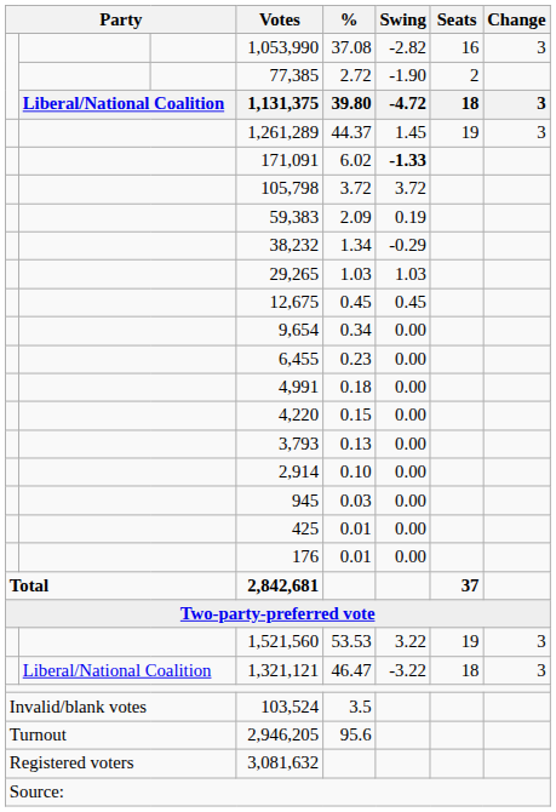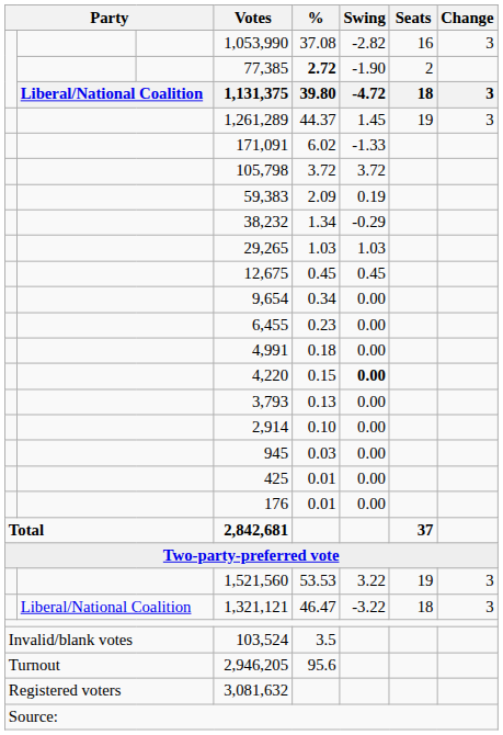 <table class="wikitable">
 <tr>
 <th colspan="3" style="width:200px"><strong>Party</strong></th>
 <th style="width:70px; text-align:center;"><strong>Votes</strong></th>
 <th style="width:40px; text-align:center;"><strong>%</strong></th>
 <th style="width:40px; text-align:center;"><strong>Swing</strong></th>
 <th style="width:40px; text-align:center;"><strong>Seats</strong></th>
 <th style="width:40px; text-align:center;"><strong>Change</strong></th>
 </tr>
 <tr>
 <td rowspan="3"> </td>
 <td> </td>
 <td></td>
 <td align=right>1,053,990</td>
 <td align=right>37.08</td>
 <td align=right>-2.82</td>
 <td align=right>16</td>
 <td align=right> 3</td>
 </tr>
 <tr>
 <td> </td>
 <td></td>
 <td align=right>77,385</td>
-<td align=right>2.72</td>
+<td align=right><strong>2.72</strong></td>
 <td align=right>-1.90</td>
 <td align=right>2</td>
 <td align=right></td>
 </tr>
 <tr>
 <th colspan="2" style="text-align:left;"><a href='#'>Liberal/National Coalition</a></th>
 <th style="text-align:right;">1,131,375</th>
 <th style="text-align:right;">39.80</th>
 <th style="text-align:right;">-4.72</th>
 <th style="text-align:right;">18</th>
 <th style="text-align:right;"> 3</th>
 </tr>
 <tr>
 <td> </td>
 <td colspan=2></td>
 <td align=right>1,261,289</td>
 <td align=right>44.37</td>
 <td align=right>1.45</td>
 <td align=right>19</td>
 <td align=right> 3</td>
 </tr>
 <tr>
 <td> </td>
 <td colspan=2></td>
 <td align=right>171,091</td>
 <td align=right>6.02</td>
-<td align=right><strong>-1.33</strong></td>
+<td align=right>-1.33</td>
 <td align=right></td>
 <td align=right></td>
 </tr>
 <tr>
 <td> </td>
 <td colspan=2></td>
 <td align=right>105,798</td>
 <td align=right>3.72</td>
 <td align=right>3.72</td>
 <td align=right></td>
 <td align=right></td>
 </tr>
 <tr>
 <td> </td>
 <td colspan=2></td>
 <td align=right>59,383</td>
 <td align=right>2.09</td>
 <td align=right>0.19</td>
 <td align=right></td>
 <td align=right></td>
 </tr>
 <tr>
 <td> </td>
 <td colspan=2></td>
 <td align=right>38,232</td>
 <td align=right>1.34</td>
 <td align=right>-0.29</td>
 <td align=right></td>
 <td align=right></td>
 </tr>
 <tr>
 <td> </td>
 <td colspan=2></td>
 <td align=right>29,265</td>
 <td align=right>1.03</td>
 <td align=right>1.03</td>
 <td align=right></td>
 <td align=right></td>
 </tr>
 <tr>
 <td> </td>
 <td colspan=2></td>
 <td align=right>12,675</td>
 <td align=right>0.45</td>
 <td align=right>0.45</td>
 <td align=right></td>
 <td align=right></td>
 </tr>
 <tr>
 <td> </td>
 <td colspan=2></td>
 <td align=right>9,654</td>
 <td align=right>0.34</td>
 <td align=right>0.00</td>
 <td align=right></td>
 <td align=right></td>
 </tr>
 <tr>
 <td> </td>
 <td colspan=2></td>
 <td align=right>6,455</td>
 <td align=right>0.23</td>
 <td align=right>0.00</td>
 <td align=right></td>
 <td align=right></td>
 </tr>
 <tr>
 <td> </td>
 <td colspan=2></td>
 <td align=right>4,991</td>
 <td align=right>0.18</td>
 <td align=right>0.00</td>
 <td align=right></td>
 <td align=right></td>
 </tr>
 <tr>
 <td> </td>
 <td colspan=2></td>
 <td align=right>4,220</td>
 <td align=right>0.15</td>
-<td align=right>0.00</td>
+<td align=right><strong>0.00</strong></td>
 <td align=right></td>
 <td align=right></td>
 </tr>
 <tr>
 <td> </td>
 <td colspan=2></td>
 <td align=right>3,793</td>
 <td align=right>0.13</td>
 <td align=right>0.00</td>
 <td align=right></td>
 <td align=right></td>
 </tr>
 <tr>
 <td> </td>
 <td colspan=2></td>
 <td align=right>2,914</td>
 <td align=right>0.10</td>
 <td align=right>0.00</td>
 <td align=right></td>
 <td align=right></td>
 </tr>
 <tr>
 <td> </td>
 <td colspan=2></td>
 <td align=right>945</td>
 <td align=right>0.03</td>
 <td align=right>0.00</td>
 <td align=right></td>
 <td align=right></td>
 </tr>
 <tr>
 <td> </td>
 <td colspan=2></td>
 <td align=right>425</td>
 <td align=right>0.01</td>
 <td align=right>0.00</td>
 <td align=right></td>
 <td align=right></td>
 </tr>
 <tr>
 <td> </td>
 <td colspan=2></td>
 <td align=right>176</td>
 <td align=right>0.01</td>
 <td align=right>0.00</td>
 <td align=right></td>
 <td align=right></td>
 </tr>
 <tr>
 <td colspan="3" align="left"><strong>Total</strong></td>
 <td align=right><strong>2,842,681</strong></td>
 <td align=right></td>
 <td align=right></td>
 <td align=right><strong>37</strong></td>
 <td align=right></td>
 </tr>
 <tr>
 <td colspan="8" style="text-align:center; background:#eee;"><strong><a href='#'>Two-party-preferred vote</a></strong></td>
 </tr>
 <tr>
 <td> </td>
 <td colspan=2></td>
 <td align=right>1,521,560</td>
 <td align=right>53.53</td>
 <td align=right>3.22</td>
 <td align=right>19</td>
 <td align=right> 3</td>
 </tr>
 <tr>
 <td> </td>
 <td colspan=2><a href='#'>Liberal/National Coalition</a></td>
 <td align=right>1,321,121</td>
 <td align=right>46.47</td>
 <td align=right>-3.22</td>
 <td align=right>18</td>
 <td align=right> 3</td>
 </tr>
 <tr>
 <td colspan="8"></td>
 </tr>
 <tr>
 <td colspan="3" style="text-align:left;">Invalid/blank votes</td>
 <td align="right">103,524</td>
 <td align="right">3.5</td>
 <td align="right"></td>
 <td></td>
 <td></td>
 </tr>
 <tr>
 <td colspan="3" style="text-align:left;">Turnout</td>
 <td align="right">2,946,205</td>
 <td align="right">95.6</td>
 <td align="right"></td>
 <td></td>
 <td></td>
 </tr>
 <tr>
 <td colspan="3" style="text-align:left;">Registered voters</td>
 <td align="right">3,081,632</td>
 <td></td>
 <td></td>
 <td></td>
 <td></td>
 </tr>
 <tr>
 <td colspan="8" align="left">Source: </td>
 </tr>
 </table>
